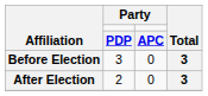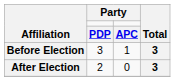 <table class=wikitable style="text-align:center">
 <tr style="vertical-align:bottom;">
 <th rowspan=3>Affiliation</th>
 <th colspan=2>Party</th>
 <th rowspan=3>Total</th>
 </tr>
 <tr>
 <td style="background-color:"></td>
 <td style="background-color:"></td>
 </tr>
 <tr>
 <th><a href='#'>PDP</a></th>
 <th><a href='#'>APC</a></th>
 </tr>
 <tr>
 <th>Before Election</th>
 <td>3</td>
-<td>0</td>
+<td>1</td>
 <th>3</th>
 </tr>
 <tr>
 <th>After Election</th>
 <td>2</td>
 <td>0</td>
 <th>3</th>
 </tr>
 <tr>
 </tr>
 </table>
